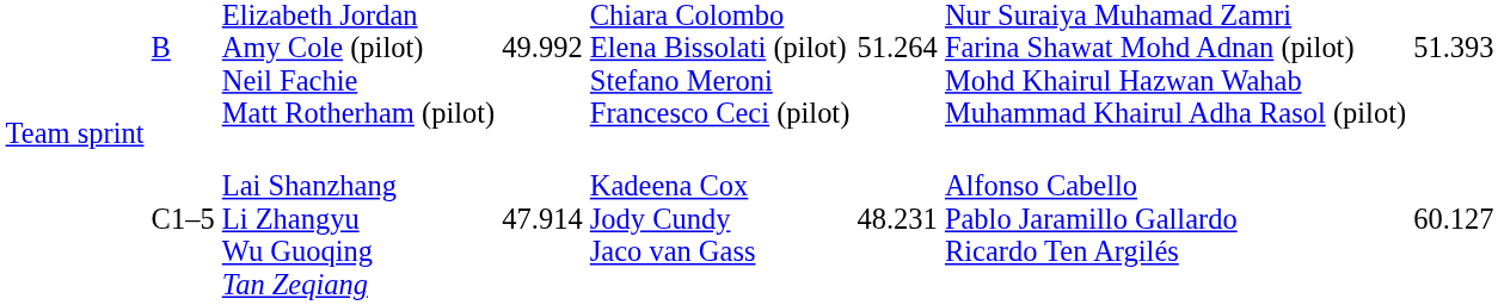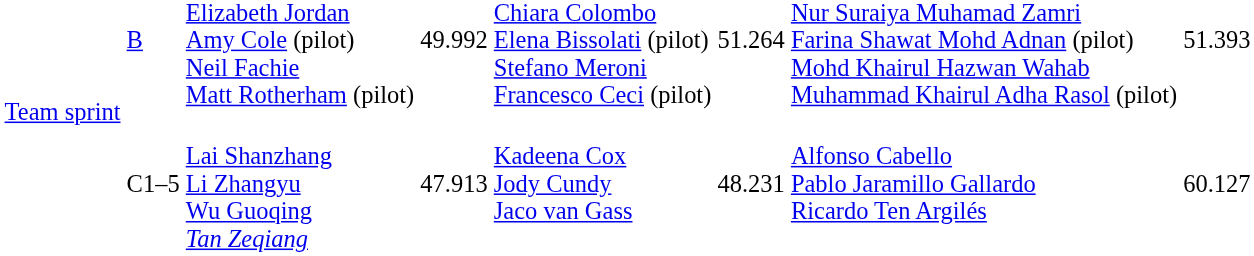 <table>
 <tr>
 <td rowspan=2><a href='#'>Team sprint</a></td>
 <td><a href='#'>B</a></td>
 <td><br><a href='#'>Elizabeth Jordan</a><br><a href='#'>Amy Cole</a> (pilot)<br><a href='#'>Neil Fachie</a><br><a href='#'>Matt Rotherham</a> (pilot)</td>
 <td>49.992</td>
 <td><br><a href='#'>Chiara Colombo</a><br><a href='#'>Elena Bissolati</a> (pilot)<br><a href='#'>Stefano Meroni</a><br><a href='#'>Francesco Ceci</a> (pilot)</td>
 <td>51.264</td>
 <td><br><a href='#'>Nur Suraiya Muhamad Zamri</a><br><a href='#'>Farina Shawat Mohd Adnan</a> (pilot)<br><a href='#'>Mohd Khairul Hazwan Wahab</a><br><a href='#'>Muhammad Khairul Adha Rasol</a> (pilot)</td>
 <td>51.393</td>
 </tr>
 <tr>
 <td>C1–5</td>
 <td valign=top><br><a href='#'>Lai Shanzhang</a><br><a href='#'>Li Zhangyu</a><br><a href='#'>Wu Guoqing</a><br><em><a href='#'>Tan Zeqiang</a></em></td>
-<td>47.914</td>
+<td>47.913</td>
 <td valign=top><br><a href='#'>Kadeena Cox</a><br><a href='#'>Jody Cundy</a><br><a href='#'>Jaco van Gass</a></td>
 <td>48.231</td>
 <td valign=top><br><a href='#'>Alfonso Cabello</a><br><a href='#'>Pablo Jaramillo Gallardo</a><br><a href='#'>Ricardo Ten Argilés</a></td>
 <td>60.127</td>
 </tr>
 </table>
